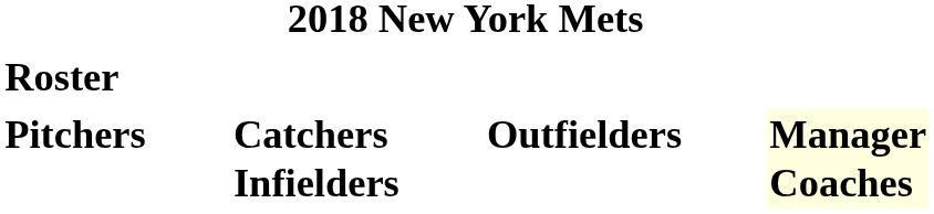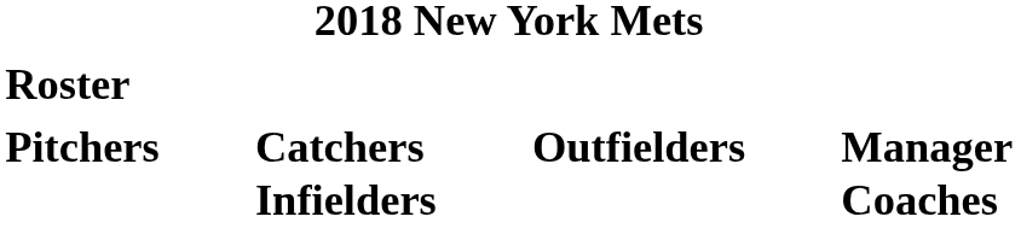 <table class="toccolours" style="font-size: 95%;">
 <tr>
 <th colspan="10">2018 New York Mets</th>
 </tr>
 <tr>
 <td colspan="10"><strong>Roster</strong></td>
 </tr>
 <tr>
 <td valign="top"><strong>Pitchers</strong><br>                            </td>
 <td width="25px"></td>
 <td valign="top"><strong>Catchers</strong><br>     <strong>Infielders</strong>            </td>
 <td width="25px"></td>
 <td valign="top"><strong>Outfielders</strong><br>         </td>
 <td width="25px"></td>
-<td valign="top" style="background: lightyellow;"><strong>Manager</strong><br>  <strong>Coaches</strong>                  </td>
+<td valign="top"><strong>Manager</strong><br>  <strong>Coaches</strong>                  </td>
 </tr>
 </table>
